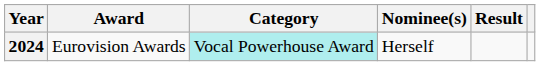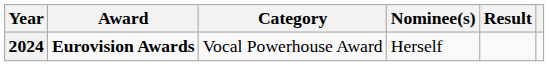 <table class="wikitable plainrowheaders">
 <tr>
 <th scope="col">Year</th>
 <th scope="col">Award</th>
 <th scope="col">Category</th>
 <th scope="col">Nominee(s)</th>
 <th scope="col">Result</th>
 <th scope="col"></th>
 </tr>
 <tr>
 <th>2024</th>
-<td>Eurovision Awards</td>
-<td style="background: paleturquoise;">Vocal Powerhouse Award</td>
+<td><strong>Eurovision Awards</strong></td>
+<td>Vocal Powerhouse Award</td>
 <td>Herself</td>
 <td></td>
 <td rowspan="2"></td>
 </tr>
 </table>
